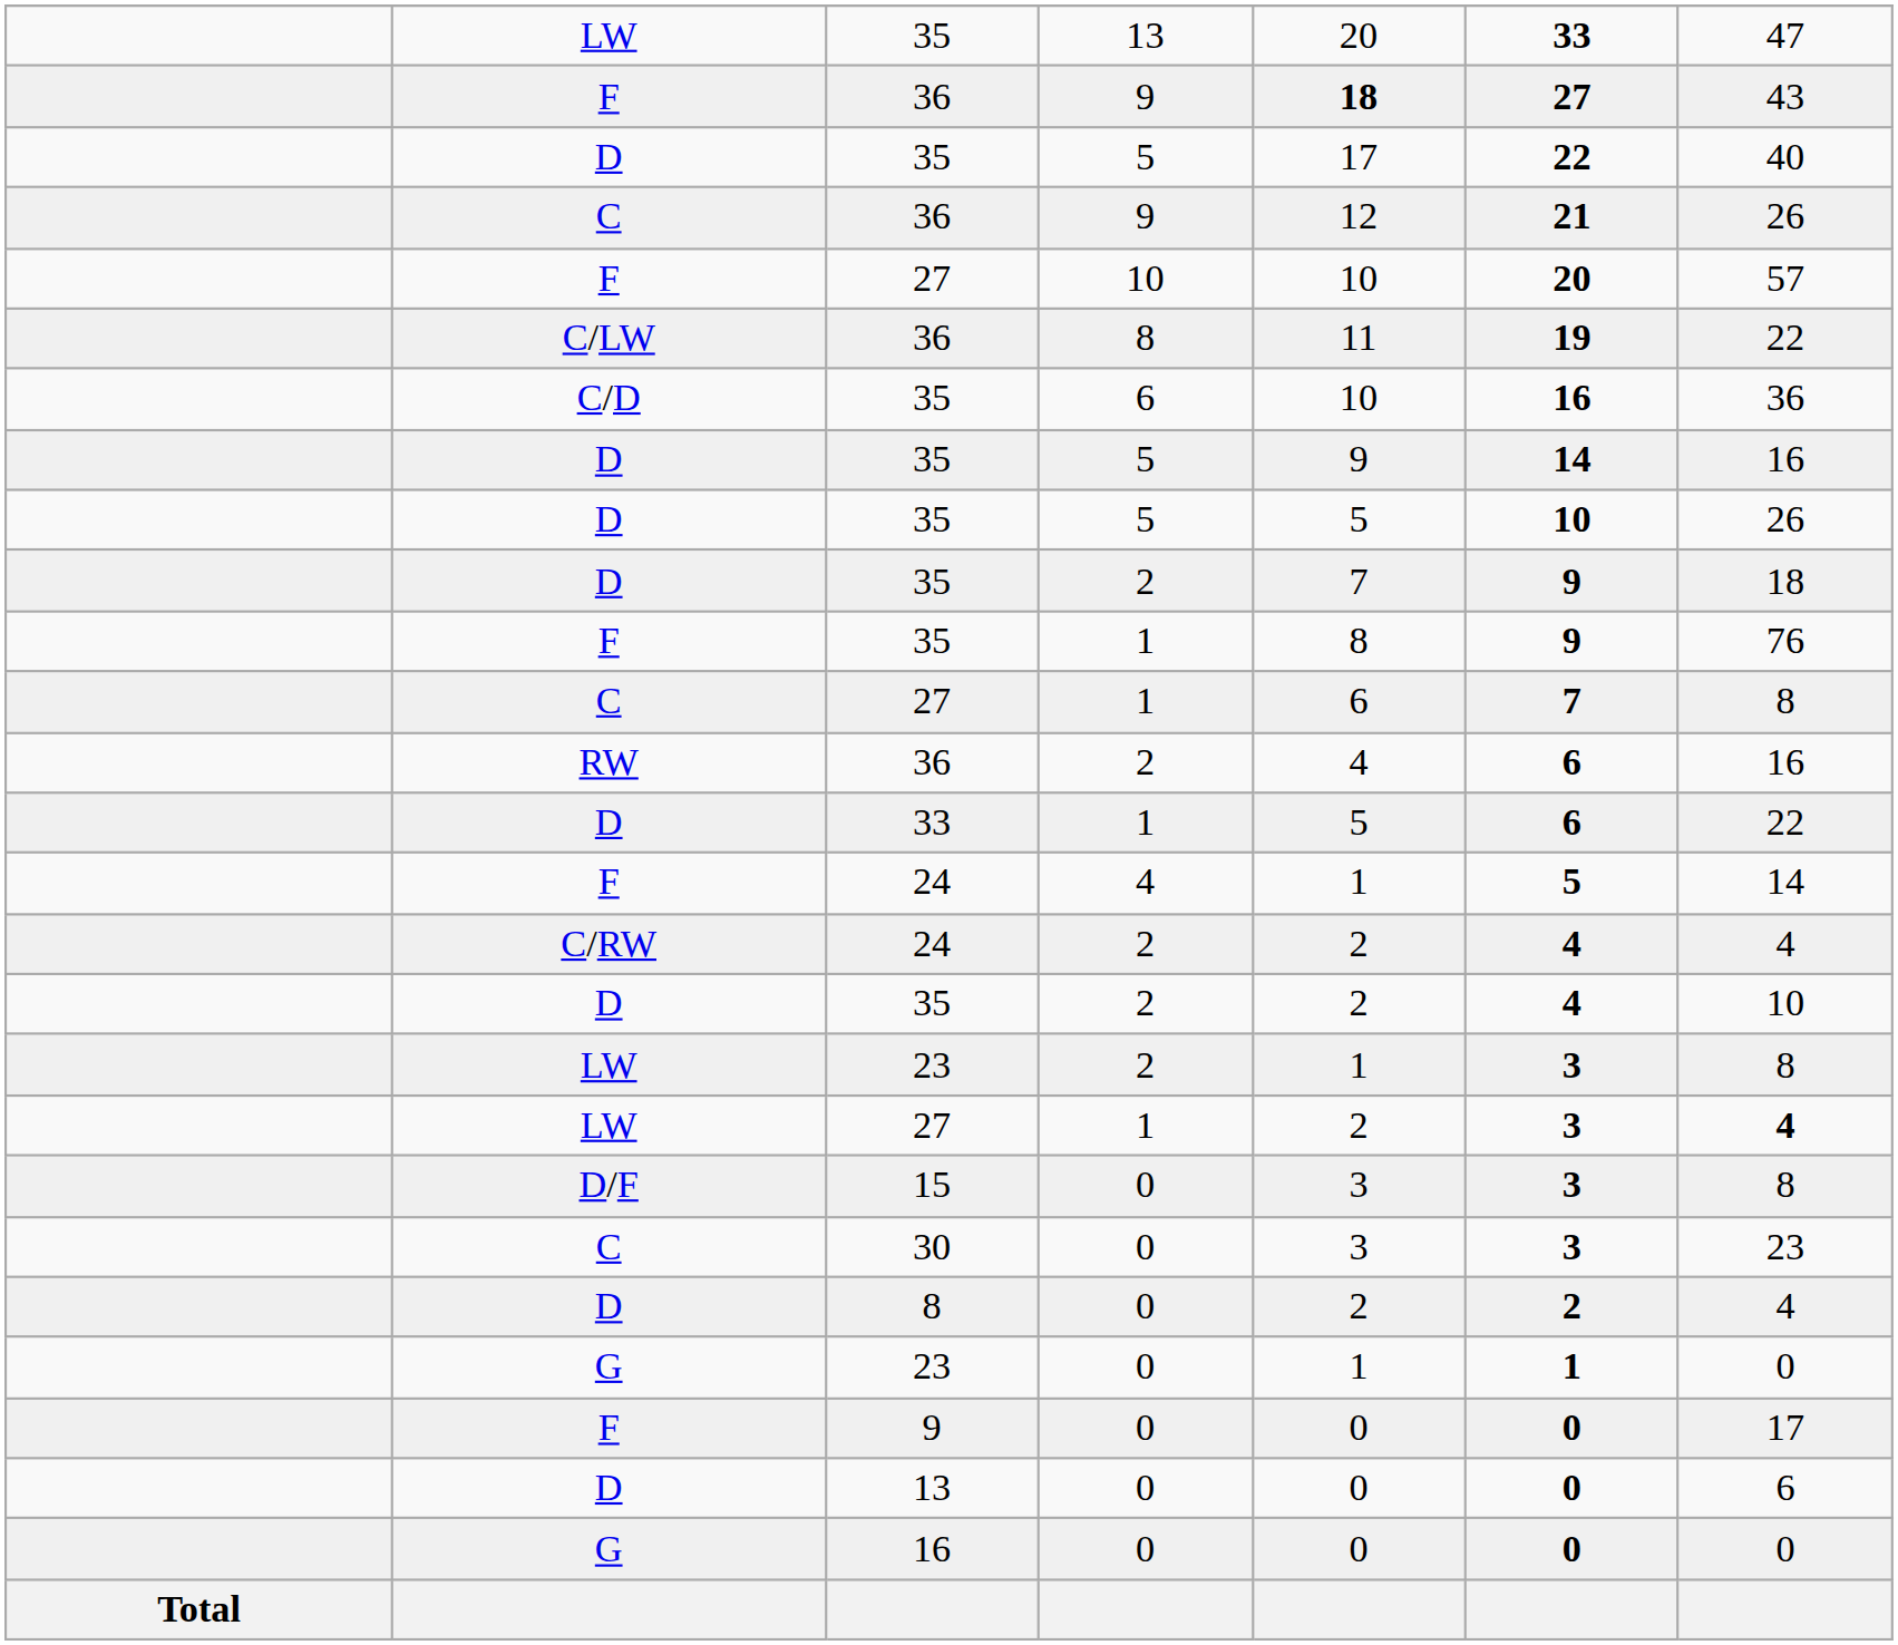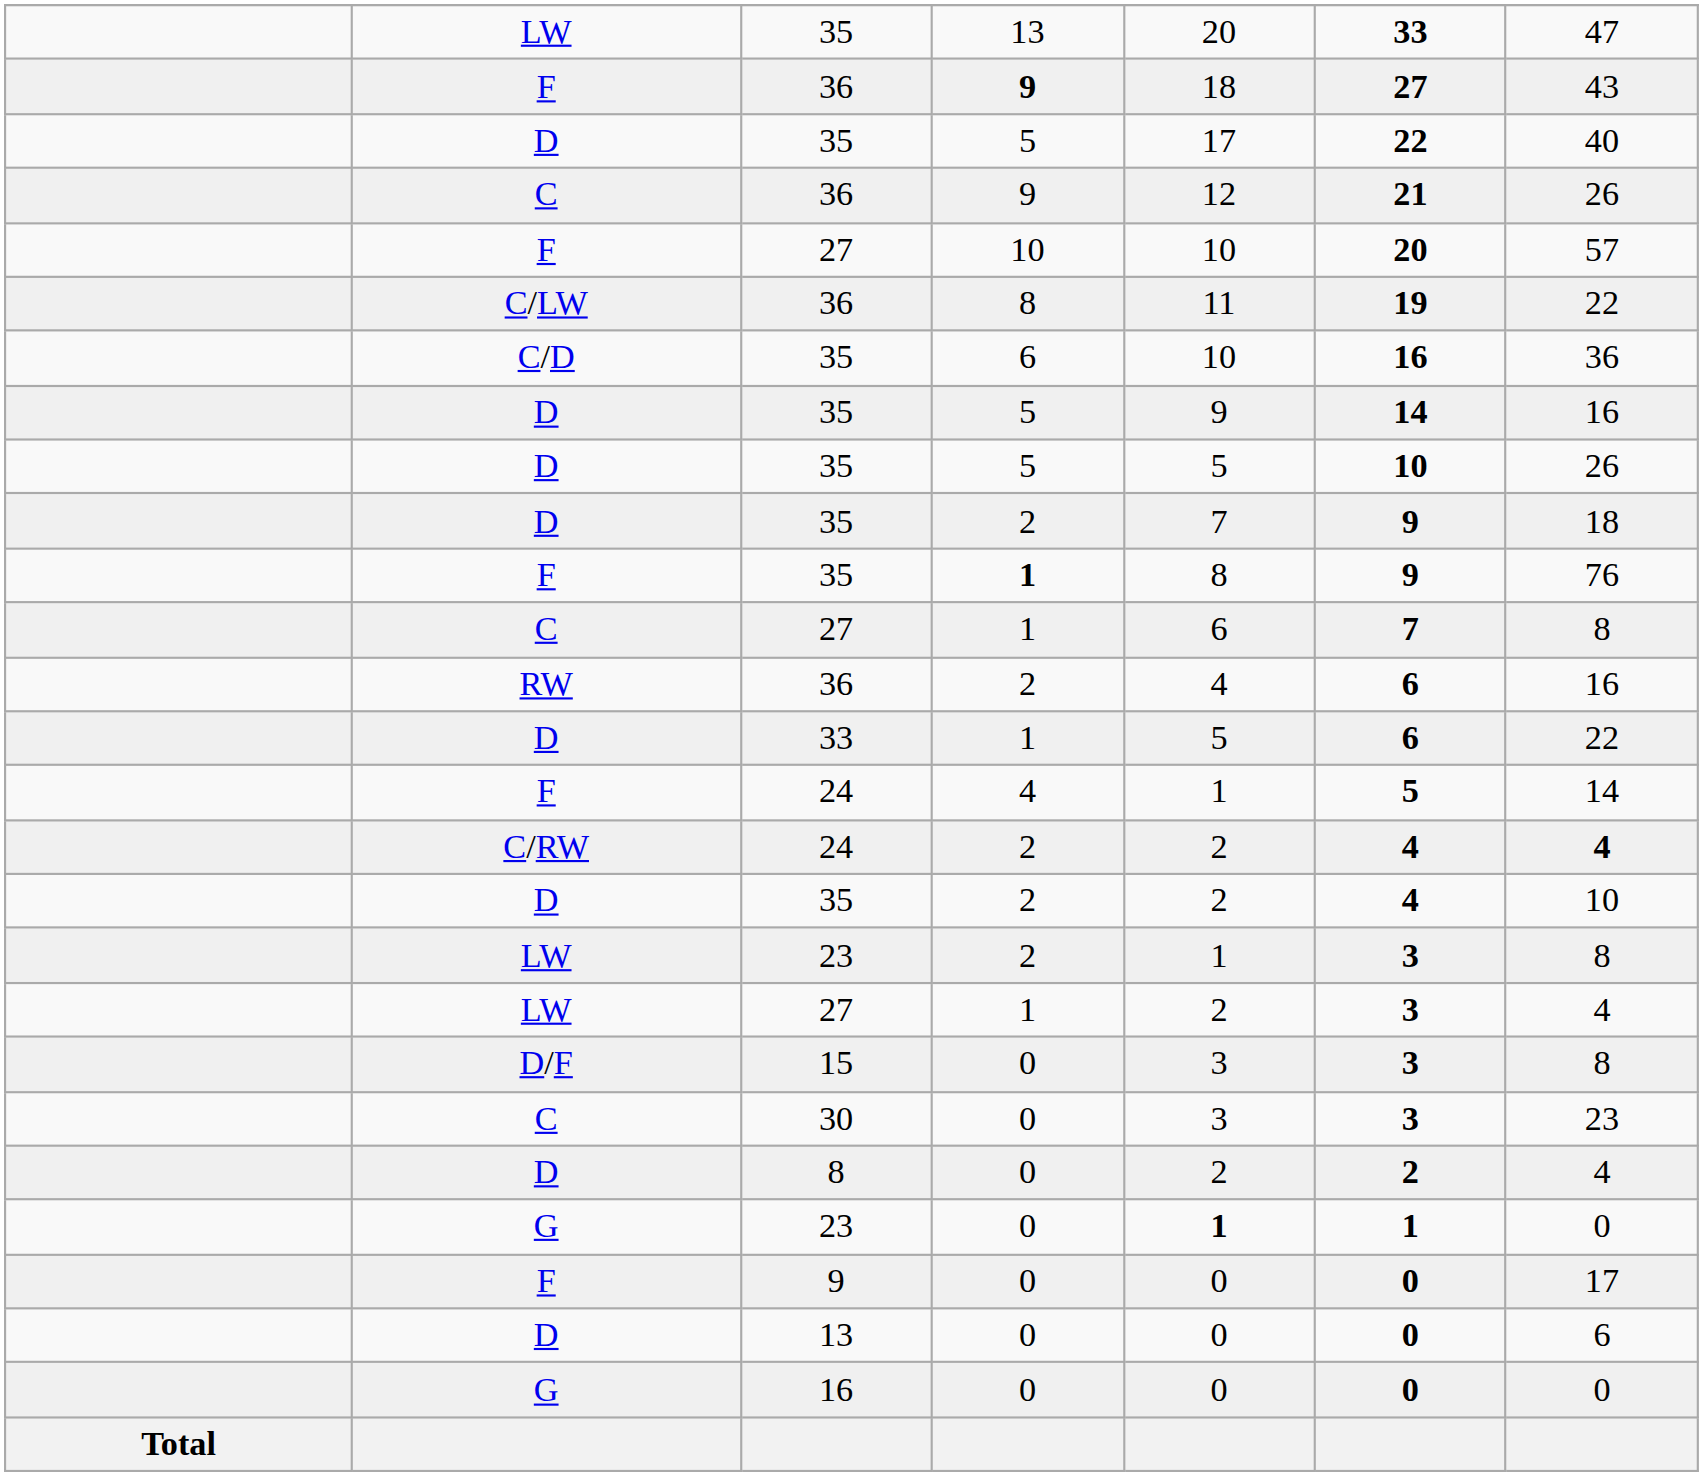 <table class="wikitable sortable" width ="50%">
 <tr align="center">
 </tr>
 <tr align="center" bgcolor="">
 <td></td>
 <td><a href='#'>LW</a></td>
 <td>35</td>
 <td>13</td>
 <td>20</td>
 <td><strong>33</strong></td>
 <td>47</td>
 </tr>
 <tr align="center" bgcolor="f0f0f0">
 <td></td>
 <td><a href='#'>F</a></td>
 <td>36</td>
-<td>9</td>
-<td><strong>18</strong></td>
+<td><strong>9</strong></td>
+<td>18</td>
 <td><strong>27</strong></td>
 <td>43</td>
 </tr>
 <tr align="center" bgcolor="">
 <td></td>
 <td><a href='#'>D</a></td>
 <td>35</td>
 <td>5</td>
 <td>17</td>
 <td><strong>22</strong></td>
 <td>40</td>
 </tr>
 <tr align="center" bgcolor="f0f0f0">
 <td></td>
 <td><a href='#'>C</a></td>
 <td>36</td>
 <td>9</td>
 <td>12</td>
 <td><strong>21</strong></td>
 <td>26</td>
 </tr>
 <tr align="center" bgcolor="">
 <td></td>
 <td><a href='#'>F</a></td>
 <td>27</td>
 <td>10</td>
 <td>10</td>
 <td><strong>20</strong></td>
 <td>57</td>
 </tr>
 <tr align="center" bgcolor="f0f0f0">
 <td></td>
 <td><a href='#'>C</a>/<a href='#'>LW</a></td>
 <td>36</td>
 <td>8</td>
 <td>11</td>
 <td><strong>19</strong></td>
 <td>22</td>
 </tr>
 <tr align="center" bgcolor="">
 <td></td>
 <td><a href='#'>C</a>/<a href='#'>D</a></td>
 <td>35</td>
 <td>6</td>
 <td>10</td>
 <td><strong>16</strong></td>
 <td>36</td>
 </tr>
 <tr align="center" bgcolor="f0f0f0">
 <td></td>
 <td><a href='#'>D</a></td>
 <td>35</td>
 <td>5</td>
 <td>9</td>
 <td><strong>14</strong></td>
 <td>16</td>
 </tr>
 <tr align="center" bgcolor="">
 <td></td>
 <td><a href='#'>D</a></td>
 <td>35</td>
 <td>5</td>
 <td>5</td>
 <td><strong>10</strong></td>
 <td>26</td>
 </tr>
 <tr align="center" bgcolor="f0f0f0">
 <td></td>
 <td><a href='#'>D</a></td>
 <td>35</td>
 <td>2</td>
 <td>7</td>
 <td><strong>9</strong></td>
 <td>18</td>
 </tr>
 <tr align="center" bgcolor="">
 <td></td>
 <td><a href='#'>F</a></td>
 <td>35</td>
-<td>1</td>
+<td><strong>1</strong></td>
 <td>8</td>
 <td><strong>9</strong></td>
 <td>76</td>
 </tr>
 <tr align="center" bgcolor="f0f0f0">
 <td></td>
 <td><a href='#'>C</a></td>
 <td>27</td>
 <td>1</td>
 <td>6</td>
 <td><strong>7</strong></td>
 <td>8</td>
 </tr>
 <tr align="center" bgcolor="">
 <td></td>
 <td><a href='#'>RW</a></td>
 <td>36</td>
 <td>2</td>
 <td>4</td>
 <td><strong>6</strong></td>
 <td>16</td>
 </tr>
 <tr align="center" bgcolor="f0f0f0">
 <td></td>
 <td><a href='#'>D</a></td>
 <td>33</td>
 <td>1</td>
 <td>5</td>
 <td><strong>6</strong></td>
 <td>22</td>
 </tr>
 <tr align="center" bgcolor="">
 <td></td>
 <td><a href='#'>F</a></td>
 <td>24</td>
 <td>4</td>
 <td>1</td>
 <td><strong>5</strong></td>
 <td>14</td>
 </tr>
 <tr align="center" bgcolor="f0f0f0">
 <td></td>
 <td><a href='#'>C</a>/<a href='#'>RW</a></td>
 <td>24</td>
 <td>2</td>
 <td>2</td>
 <td><strong>4</strong></td>
-<td>4</td>
+<td><strong>4</strong></td>
 </tr>
 <tr align="center" bgcolor="">
 <td></td>
 <td><a href='#'>D</a></td>
 <td>35</td>
 <td>2</td>
 <td>2</td>
 <td><strong>4</strong></td>
 <td>10</td>
 </tr>
 <tr align="center" bgcolor="f0f0f0">
 <td></td>
 <td><a href='#'>LW</a></td>
 <td>23</td>
 <td>2</td>
 <td>1</td>
 <td><strong>3</strong></td>
 <td>8</td>
 </tr>
 <tr align="center" bgcolor="">
 <td></td>
 <td><a href='#'>LW</a></td>
 <td>27</td>
 <td>1</td>
 <td>2</td>
 <td><strong>3</strong></td>
-<td><strong>4</strong></td>
+<td>4</td>
 </tr>
 <tr align="center" bgcolor="f0f0f0">
 <td></td>
 <td><a href='#'>D</a>/<a href='#'>F</a></td>
 <td>15</td>
 <td>0</td>
 <td>3</td>
 <td><strong>3</strong></td>
 <td>8</td>
 </tr>
 <tr align="center" bgcolor="">
 <td></td>
 <td><a href='#'>C</a></td>
 <td>30</td>
 <td>0</td>
 <td>3</td>
 <td><strong>3</strong></td>
 <td>23</td>
 </tr>
 <tr align="center" bgcolor="f0f0f0">
 <td></td>
 <td><a href='#'>D</a></td>
 <td>8</td>
 <td>0</td>
 <td>2</td>
 <td><strong>2</strong></td>
 <td>4</td>
 </tr>
 <tr align="center" bgcolor="">
 <td></td>
 <td><a href='#'>G</a></td>
 <td>23</td>
 <td>0</td>
-<td>1</td>
+<td><strong>1</strong></td>
 <td><strong>1</strong></td>
 <td>0</td>
 </tr>
 <tr align="center" bgcolor="f0f0f0">
 <td></td>
 <td><a href='#'>F</a></td>
 <td>9</td>
 <td>0</td>
 <td>0</td>
 <td><strong>0</strong></td>
 <td>17</td>
 </tr>
 <tr align="center" bgcolor="">
 <td></td>
 <td><a href='#'>D</a></td>
 <td>13</td>
 <td>0</td>
 <td>0</td>
 <td><strong>0</strong></td>
 <td>6</td>
 </tr>
 <tr align="center" bgcolor="f0f0f0">
 <td></td>
 <td><a href='#'>G</a></td>
 <td>16</td>
 <td>0</td>
 <td>0</td>
 <td><strong>0</strong></td>
 <td>0</td>
 </tr>
 <tr>
 <th>Total</th>
 <th></th>
 <th></th>
 <th></th>
 <th></th>
 <th></th>
 <th></th>
 </tr>
 </table>
